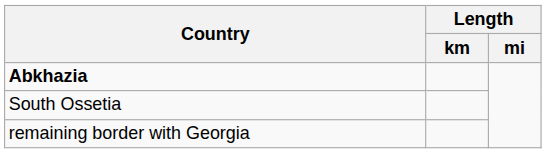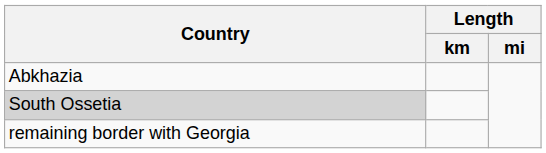 <table class="wikitable sortable" style="min-width:30em; float:left; margin-right:1em;">
 <tr>
 <th rowspan=2>Country</th>
 <th colspan=2>Length</th>
 </tr>
 <tr>
 <th>km</th>
 <th>mi</th>
 </tr>
 <tr>
-<td><strong>Abkhazia</strong></td>
+<td>Abkhazia</td>
 <td></td>
 </tr>
 <tr>
-<td>South Ossetia</td>
+<td style="background: lightgrey;">South Ossetia</td>
 <td></td>
 </tr>
 <tr>
 <td>remaining border with Georgia</td>
 <td></td>
 </tr>
 </table>
